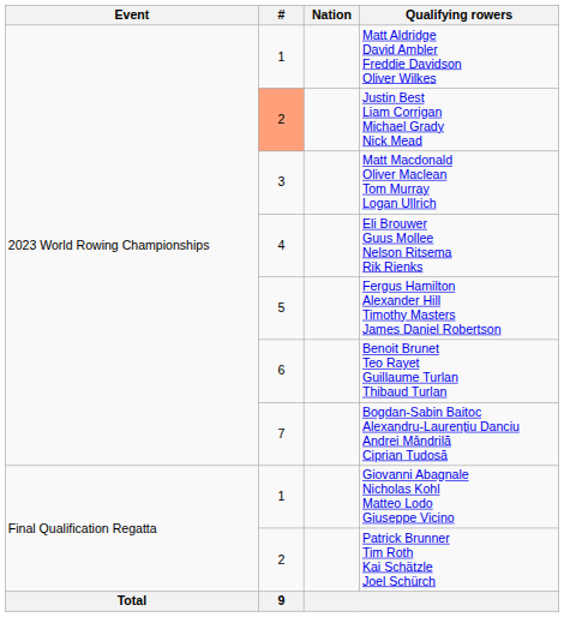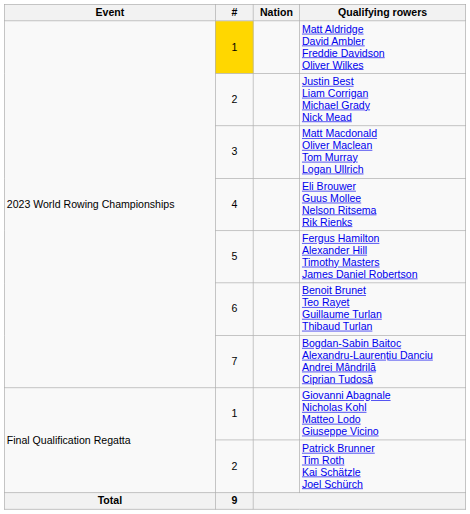 <table class="wikitable"  style="width:700px; text-align:center;">
 <tr>
 <th>Event</th>
 <th width=50>#</th>
 <th>Nation</th>
 <th>Qualifying rowers</th>
 </tr>
 <tr>
 <td rowspan=7 align=left>2023 World Rowing Championships</td>
-<td>1</td>
+<td style="background: gold;">1</td>
 <td align=left></td>
 <td align=left><a href='#'>Matt Aldridge</a><br><a href='#'>David Ambler</a><br><a href='#'>Freddie Davidson</a><br><a href='#'>Oliver Wilkes</a></td>
 </tr>
 <tr>
-<td style="background: lightsalmon;">2</td>
+<td>2</td>
 <td align=left></td>
 <td align=left><a href='#'>Justin Best</a><br><a href='#'>Liam Corrigan</a><br><a href='#'>Michael Grady</a><br><a href='#'>Nick Mead</a></td>
 </tr>
 <tr>
 <td>3</td>
 <td align=left></td>
 <td align=left><a href='#'>Matt Macdonald</a><br><a href='#'>Oliver Maclean</a><br><a href='#'>Tom Murray</a><br><a href='#'>Logan Ullrich</a></td>
 </tr>
 <tr>
 <td>4</td>
 <td align=left></td>
 <td align=left><a href='#'>Eli Brouwer</a><br><a href='#'>Guus Mollee</a><br><a href='#'>Nelson Ritsema</a><br><a href='#'>Rik Rienks</a></td>
 </tr>
 <tr>
 <td>5</td>
 <td align=left></td>
 <td align=left><a href='#'>Fergus Hamilton</a><br><a href='#'>Alexander Hill</a><br><a href='#'>Timothy Masters</a><br><a href='#'>James Daniel Robertson</a></td>
 </tr>
 <tr>
 <td>6</td>
 <td align=left></td>
 <td align=left><a href='#'>Benoit Brunet</a><br><a href='#'>Teo Rayet</a><br><a href='#'>Guillaume Turlan</a><br><a href='#'>Thibaud Turlan</a></td>
 </tr>
 <tr>
 <td>7</td>
 <td align=left></td>
 <td align=left><a href='#'>Bogdan-Sabin Baitoc</a><br><a href='#'>Alexandru-Laurențiu Danciu</a><br><a href='#'>Andrei Mândrilă</a><br><a href='#'>Ciprian Tudosă</a></td>
 </tr>
 <tr>
 <td rowspan=2 align=left>Final Qualification Regatta</td>
 <td>1</td>
 <td align=left></td>
 <td align=left><a href='#'>Giovanni Abagnale</a><br><a href='#'>Nicholas Kohl</a><br><a href='#'>Matteo Lodo</a><br><a href='#'>Giuseppe Vicino</a></td>
 </tr>
 <tr>
 <td>2</td>
 <td align=left></td>
 <td align=left><a href='#'>Patrick Brunner</a><br><a href='#'>Tim Roth</a><br><a href='#'>Kai Schätzle</a><br><a href='#'>Joel Schürch</a></td>
 </tr>
 <tr>
 <th>Total</th>
 <th>9</th>
 <th colspan=2></th>
 </tr>
 </table>
